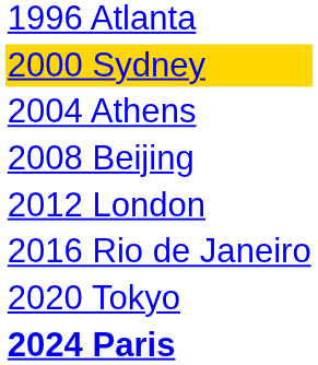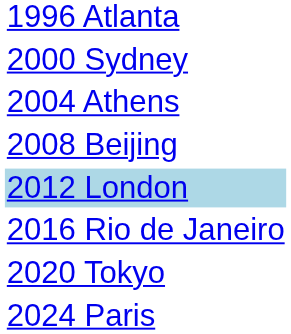 <table>
 <tr>
 <td><a href='#'>1996 Atlanta</a><br></td>
 <td></td>
 <td></td>
 <td></td>
 </tr>
 <tr>
-<td style="background: gold;"><a href='#'>2000 Sydney</a><br></td>
+<td><a href='#'>2000 Sydney</a><br></td>
 <td></td>
 <td></td>
 <td></td>
 </tr>
 <tr>
 <td><a href='#'>2004 Athens</a><br></td>
 <td></td>
 <td></td>
 <td></td>
 </tr>
 <tr>
 <td><a href='#'>2008 Beijing</a><br></td>
 <td></td>
 <td></td>
 <td></td>
 </tr>
 <tr>
-<td><a href='#'>2012 London</a><br></td>
+<td style="background: lightblue;"><a href='#'>2012 London</a><br></td>
 <td></td>
 <td></td>
 <td></td>
 </tr>
 <tr>
 <td><a href='#'>2016 Rio de Janeiro</a><br></td>
 <td></td>
 <td></td>
 <td></td>
 </tr>
 <tr>
 <td><a href='#'>2020 Tokyo</a><br></td>
 <td></td>
 <td></td>
 <td></td>
 </tr>
 <tr>
-<td><strong><a href='#'>2024 Paris</a> <br></strong></td>
+<td><a href='#'>2024 Paris</a> <br></td>
 <td></td>
 <td></td>
 <td></td>
 </tr>
 <tr>
 </tr>
 </table>
